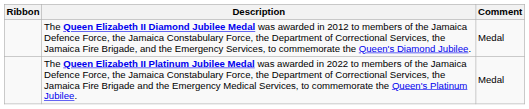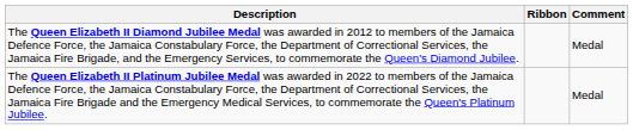 <table class="wikitable">
 <tr>
+<th>Description</th>
 <th>Ribbon</th>
-<th>Description</th>
 <th>Comment</th>
 </tr>
 <tr>
+<td>The <strong><a href='#'>Queen Elizabeth II Diamond Jubilee Medal</a></strong> was awarded in 2012 to members of the Jamaica Defence Force, the Jamaica Constabulary Force, the Department of Correctional Services, the Jamaica Fire Brigade, and the Emergency Services, to commemorate the <a href='#'>Queen's Diamond Jubilee</a>.</td>
 <td></td>
-<td>The <strong><a href='#'>Queen Elizabeth II Diamond Jubilee Medal</a></strong> was awarded in 2012 to members of the Jamaica Defence Force, the Jamaica Constabulary Force, the Department of Correctional Services, the Jamaica Fire Brigade, and the Emergency Services, to commemorate the <a href='#'>Queen's Diamond Jubilee</a>.</td>
 <td>Medal</td>
 </tr>
 <tr>
+<td>The <strong><a href='#'>Queen Elizabeth II Platinum Jubilee Medal</a></strong> was awarded in 2022 to members of the Jamaica Defence Force, the Jamaica Constabulary Force, the Department of Correctional Services, the Jamaica Fire Brigade and the Emergency Medical Services, to commemorate the <a href='#'>Queen's Platinum Jubilee</a>.</td>
 <td></td>
-<td>The <strong><a href='#'>Queen Elizabeth II Platinum Jubilee Medal</a></strong> was awarded in 2022 to members of the Jamaica Defence Force, the Jamaica Constabulary Force, the Department of Correctional Services, the Jamaica Fire Brigade and the Emergency Medical Services, to commemorate the <a href='#'>Queen's Platinum Jubilee</a>.</td>
 <td>Medal</td>
 </tr>
 </table>
